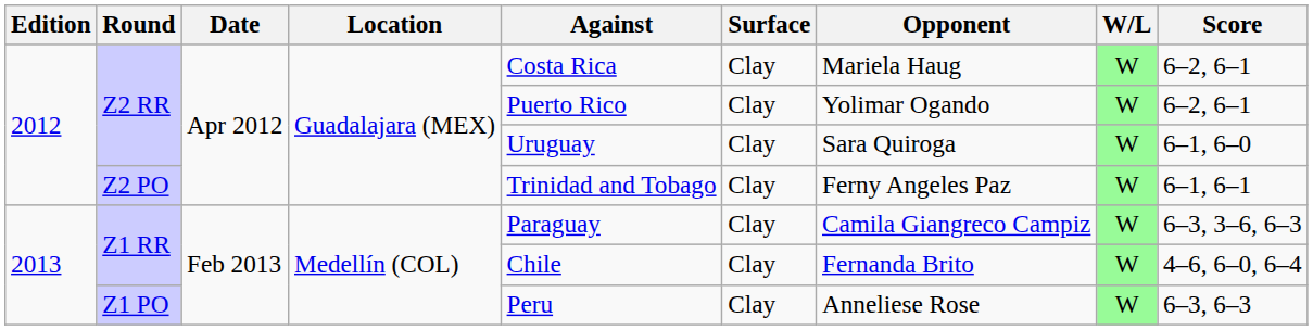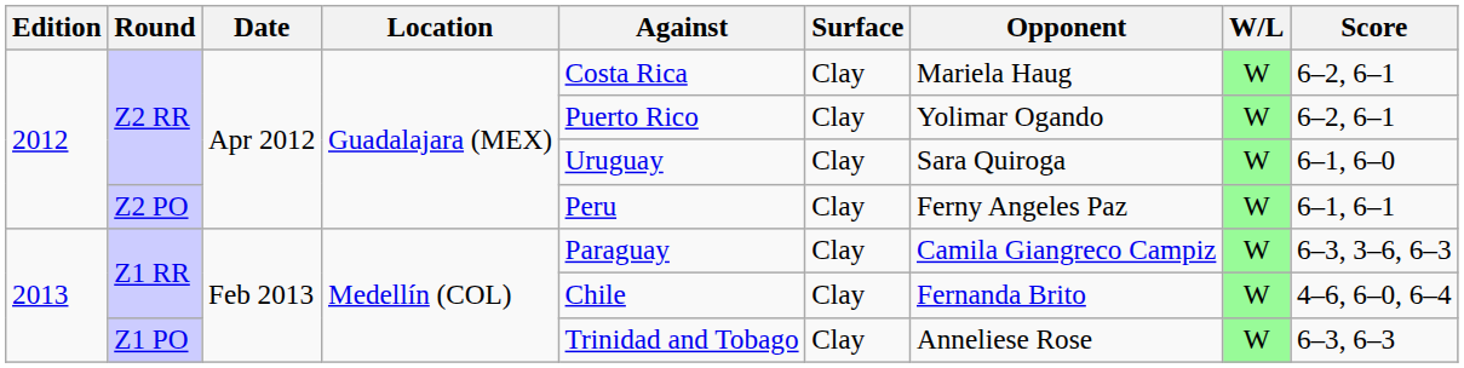 <table class=wikitable>
 <tr>
 <th>Edition</th>
 <th>Round</th>
 <th>Date</th>
 <th>Location</th>
 <th>Against</th>
 <th>Surface</th>
 <th>Opponent</th>
 <th>W/L</th>
 <th>Score</th>
 </tr>
 <tr>
 <td rowspan="4"><a href='#'>2012</a></td>
 <td style="background:#ccccff;" rowspan="3"><a href='#'>Z2 RR</a></td>
 <td rowspan="4">Apr 2012</td>
 <td rowspan="4"><a href='#'>Guadalajara</a> (MEX)</td>
 <td> <a href='#'>Costa Rica</a></td>
 <td>Clay</td>
 <td>Mariela Haug</td>
 <td style="text-align:center; background:#98fb98;">W</td>
 <td>6–2, 6–1</td>
 </tr>
 <tr>
 <td> <a href='#'>Puerto Rico</a></td>
 <td>Clay</td>
 <td>Yolimar Ogando</td>
 <td style="text-align:center; background:#98fb98;">W</td>
 <td>6–2, 6–1</td>
 </tr>
 <tr>
 <td> <a href='#'>Uruguay</a></td>
 <td>Clay</td>
 <td>Sara Quiroga</td>
 <td style="text-align:center; background:#98fb98;">W</td>
 <td>6–1, 6–0</td>
 </tr>
 <tr>
 <td style="background:#ccccff;"><a href='#'>Z2 PO</a></td>
-<td> <a href='#'>Trinidad and Tobago</a></td>
+<td> <a href='#'>Peru</a></td>
 <td>Clay</td>
 <td>Ferny Angeles Paz</td>
 <td style="text-align:center; background:#98fb98;">W</td>
 <td>6–1, 6–1</td>
 </tr>
 <tr>
 <td rowspan="3"><a href='#'>2013</a></td>
 <td style="background:#ccccff;" rowspan="2"><a href='#'>Z1 RR</a></td>
 <td rowspan="3">Feb 2013</td>
 <td rowspan="3"><a href='#'>Medellín</a> (COL)</td>
 <td> <a href='#'>Paraguay</a></td>
 <td>Clay</td>
 <td><a href='#'>Camila Giangreco Campiz</a></td>
 <td style="text-align:center; background:#98fb98;">W</td>
 <td>6–3, 3–6, 6–3</td>
 </tr>
 <tr>
 <td> <a href='#'>Chile</a></td>
 <td>Clay</td>
 <td><a href='#'>Fernanda Brito</a></td>
 <td style="text-align:center; background:#98fb98;">W</td>
 <td>4–6, 6–0, 6–4</td>
 </tr>
 <tr>
 <td style="background:#ccccff;"><a href='#'>Z1 PO</a></td>
-<td> <a href='#'>Peru</a></td>
+<td> <a href='#'>Trinidad and Tobago</a></td>
 <td>Clay</td>
 <td>Anneliese Rose</td>
 <td style="text-align:center; background:#98fb98;">W</td>
 <td>6–3, 6–3</td>
 </tr>
 </table>
